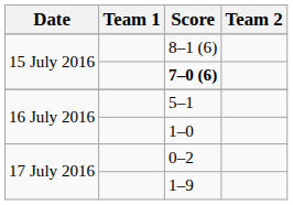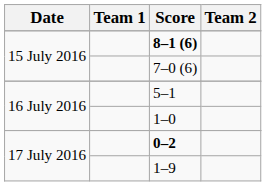 <table class="wikitable">
 <tr>
 <th>Date</th>
 <th>Team 1</th>
 <th>Score</th>
 <th>Team 2</th>
 </tr>
 <tr>
 </tr>
 <tr style=font-size:90%>
 <td rowspan=2>15 July 2016</td>
 <td></td>
-<td>8–1 (6)</td>
+<td><strong>8–1 (6)</strong></td>
 <td></td>
 </tr>
 <tr style=font-size:90%>
 <td></td>
-<td><strong>7–0 (6)</strong></td>
+<td>7–0 (6)</td>
 <td></td>
 </tr>
 <tr>
 </tr>
 <tr style=font-size:90%>
 <td rowspan=2>16 July 2016</td>
 <td></td>
 <td>5–1</td>
 <td></td>
 </tr>
 <tr style=font-size:90%>
 <td></td>
 <td>1–0</td>
 <td></td>
 </tr>
 <tr>
 </tr>
 <tr style=font-size:90%>
 <td rowspan=2>17 July 2016</td>
 <td></td>
-<td>0–2</td>
+<td><strong>0–2</strong></td>
 <td></td>
 </tr>
 <tr style=font-size:90%>
 <td></td>
 <td>1–9</td>
 <td></td>
 </tr>
 </table>
